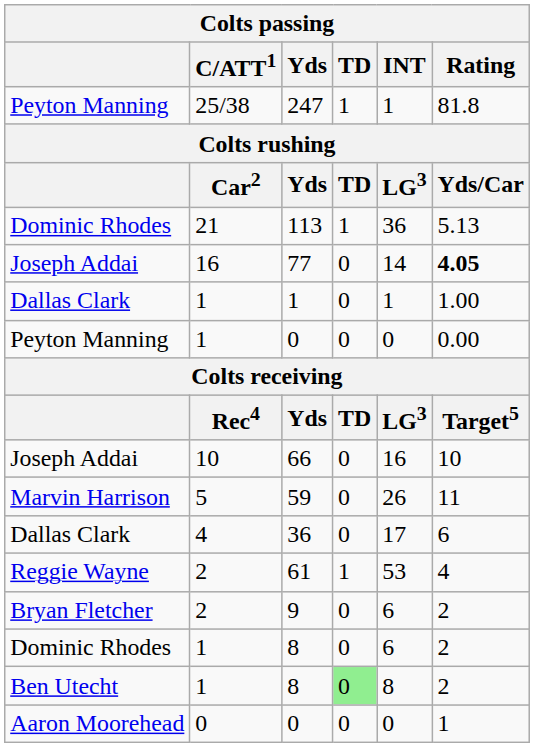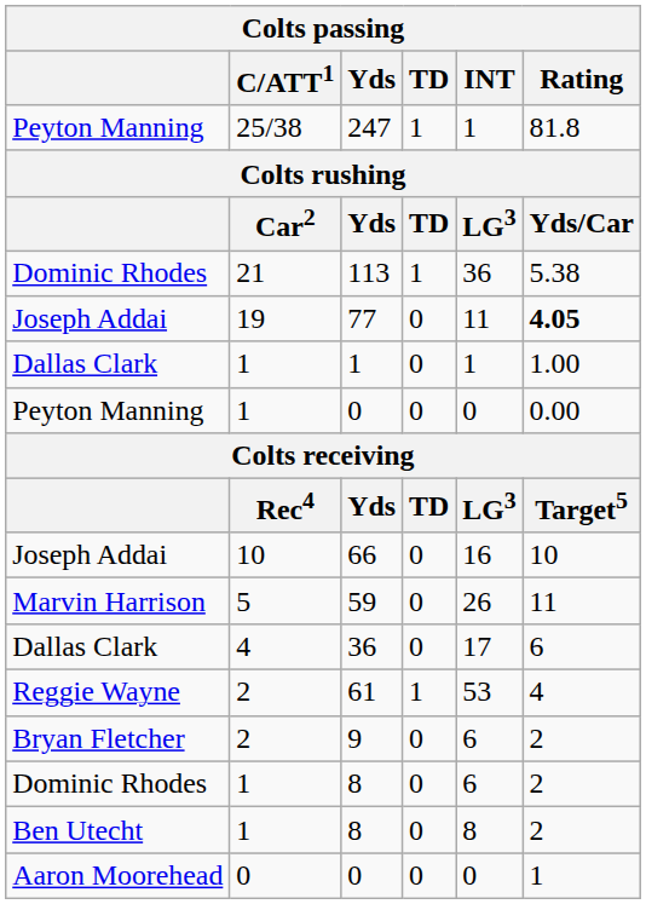 <table class="wikitable">
 <tr>
 <th colspan="6">Colts passing</th>
 </tr>
 <tr>
 <th></th>
 <th>C/ATT<sup>1</sup></th>
 <th>Yds</th>
 <th>TD</th>
 <th>INT</th>
 <th>Rating</th>
 </tr>
 <tr>
 <td><a href='#'>Peyton Manning</a></td>
 <td>25/38</td>
 <td>247</td>
 <td>1</td>
 <td>1</td>
 <td>81.8</td>
 </tr>
 <tr>
 <th colspan="6">Colts rushing</th>
 </tr>
 <tr>
 <th></th>
 <th>Car<sup>2</sup></th>
 <th>Yds</th>
 <th>TD</th>
 <th>LG<sup>3</sup></th>
 <th>Yds/Car</th>
 </tr>
 <tr>
 <td><a href='#'>Dominic Rhodes</a></td>
 <td>21</td>
 <td>113</td>
 <td>1</td>
 <td>36</td>
-<td>5.13</td>
+<td>5.38</td>
 </tr>
 <tr>
 <td><a href='#'>Joseph Addai</a></td>
-<td>16</td>
+<td>19</td>
 <td>77</td>
 <td>0</td>
-<td>14</td>
+<td>11</td>
 <td><strong>4.05</strong></td>
 </tr>
 <tr>
 <td><a href='#'>Dallas Clark</a></td>
 <td>1</td>
 <td>1</td>
 <td>0</td>
 <td>1</td>
 <td>1.00</td>
 </tr>
 <tr>
 <td>Peyton Manning</td>
 <td>1</td>
 <td>0</td>
 <td>0</td>
 <td>0</td>
 <td>0.00</td>
 </tr>
 <tr>
 <th colspan="6">Colts receiving</th>
 </tr>
 <tr>
 <th></th>
 <th>Rec<sup>4</sup></th>
 <th>Yds</th>
 <th>TD</th>
 <th>LG<sup>3</sup></th>
 <th>Target<sup>5</sup></th>
 </tr>
 <tr>
 <td>Joseph Addai</td>
 <td>10</td>
 <td>66</td>
 <td>0</td>
 <td>16</td>
 <td>10</td>
 </tr>
 <tr>
 <td><a href='#'>Marvin Harrison</a></td>
 <td>5</td>
 <td>59</td>
 <td>0</td>
 <td>26</td>
 <td>11</td>
 </tr>
 <tr>
 <td>Dallas Clark</td>
 <td>4</td>
 <td>36</td>
 <td>0</td>
 <td>17</td>
 <td>6</td>
 </tr>
 <tr>
 <td><a href='#'>Reggie Wayne</a></td>
 <td>2</td>
 <td>61</td>
 <td>1</td>
 <td>53</td>
 <td>4</td>
 </tr>
 <tr>
 <td><a href='#'>Bryan Fletcher</a></td>
 <td>2</td>
 <td>9</td>
 <td>0</td>
 <td>6</td>
 <td>2</td>
 </tr>
 <tr>
 <td>Dominic Rhodes</td>
 <td>1</td>
 <td>8</td>
 <td>0</td>
 <td>6</td>
 <td>2</td>
 </tr>
 <tr>
 <td><a href='#'>Ben Utecht</a></td>
 <td>1</td>
 <td>8</td>
-<td style="background: lightgreen;">0</td>
+<td>0</td>
 <td>8</td>
 <td>2</td>
 </tr>
 <tr>
 <td><a href='#'>Aaron Moorehead</a></td>
 <td>0</td>
 <td>0</td>
 <td>0</td>
 <td>0</td>
 <td>1</td>
 </tr>
 </table>
